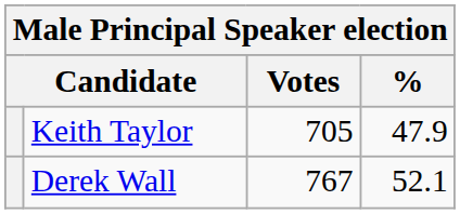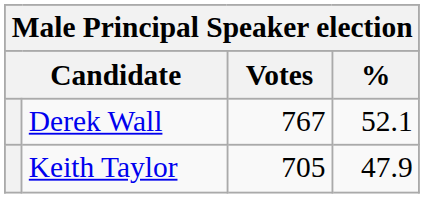 <table class="wikitable">
 <tr>
 <th colspan="4">Male Principal Speaker election</th>
 </tr>
 <tr style="background:#e9e9e9;">
 <th colspan="2">Candidate</th>
 <th style="width: 50px">Votes</th>
 <th style="width: 40px">%</th>
 </tr>
 <tr>
 <th style="background-color: "></th>
+<td><a href='#'>Derek Wall</a></td>
+<td style="text-align:right;">767</td>
+<td style="text-align:right;">52.1</td>
+</tr>
+<tr>
+<th style="background-color: "></th>
 <td><a href='#'>Keith Taylor</a></td>
 <td style="text-align:right;">705</td>
 <td style="text-align:right;">47.9</td>
 </tr>
-<tr>
-<th style="background-color: "></th>
-<td><a href='#'>Derek Wall</a></td>
-<td style="text-align:right;">767</td>
-<td style="text-align:right;">52.1</td>
-</tr>
 </table>
